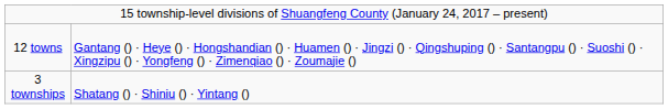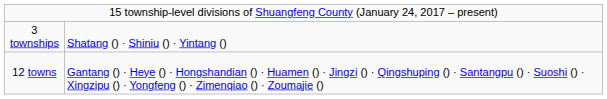 <table class="wikitable">
 <tr>
 <td style="text-align:center;" colspan="2">15 township-level divisions of <a href='#'>Shuangfeng County</a> (January 24, 2017 – present)</td>
 </tr>
 <tr align=left>
+<td align=center>3 <a href='#'>townships</a></td>
+<td><br><a href='#'>Shatang</a> () · <a href='#'>Shiniu</a> () · <a href='#'>Yintang</a> ()</td>
+</tr>
+<tr align=left>
 <td align=center>12 <a href='#'>towns</a></td>
 <td><br><a href='#'>Gantang</a> () · <a href='#'>Heye</a> () · <a href='#'>Hongshandian</a> () · <a href='#'>Huamen</a> () · <a href='#'>Jingzi</a> () · <a href='#'>Qingshuping</a> () · <a href='#'>Santangpu</a> () · <a href='#'>Suoshi</a> () · <a href='#'>Xingzipu</a> () · <a href='#'>Yongfeng</a> () · <a href='#'>Zimenqiao</a> () · <a href='#'>Zoumajie</a> ()</td>
 </tr>
-<tr align=left>
-<td align=center>3 <a href='#'>townships</a></td>
-<td><br><a href='#'>Shatang</a> () · <a href='#'>Shiniu</a> () · <a href='#'>Yintang</a> ()</td>
-</tr>
 </table>
